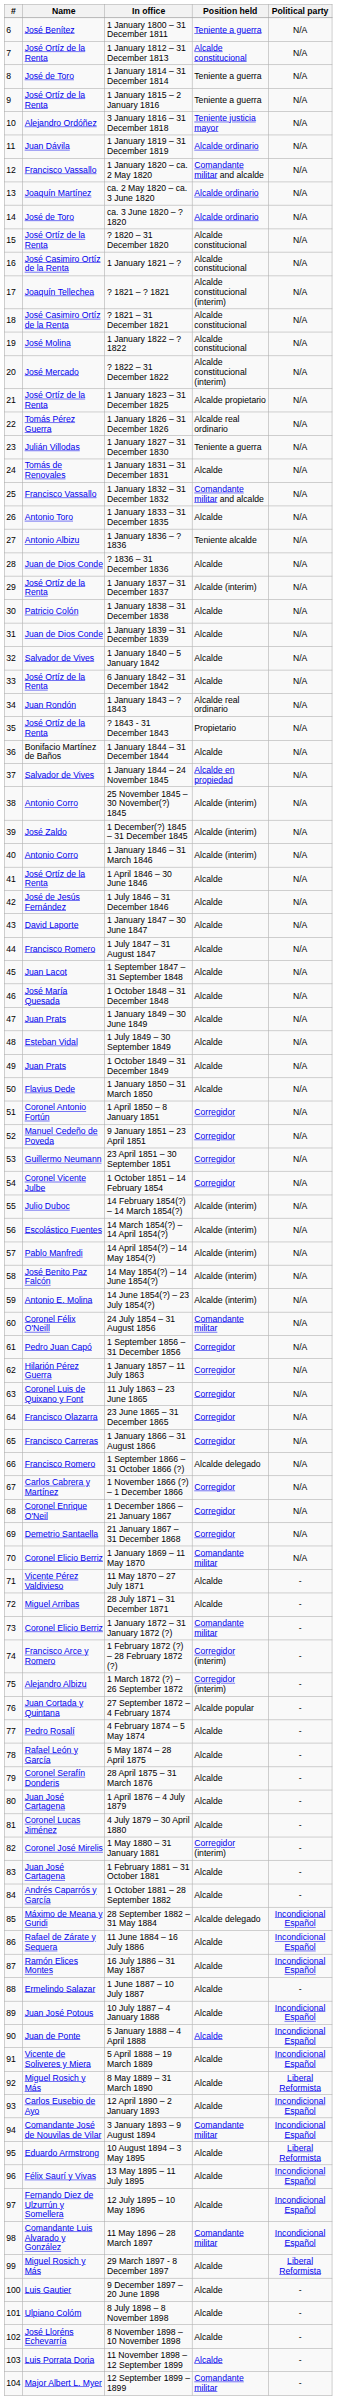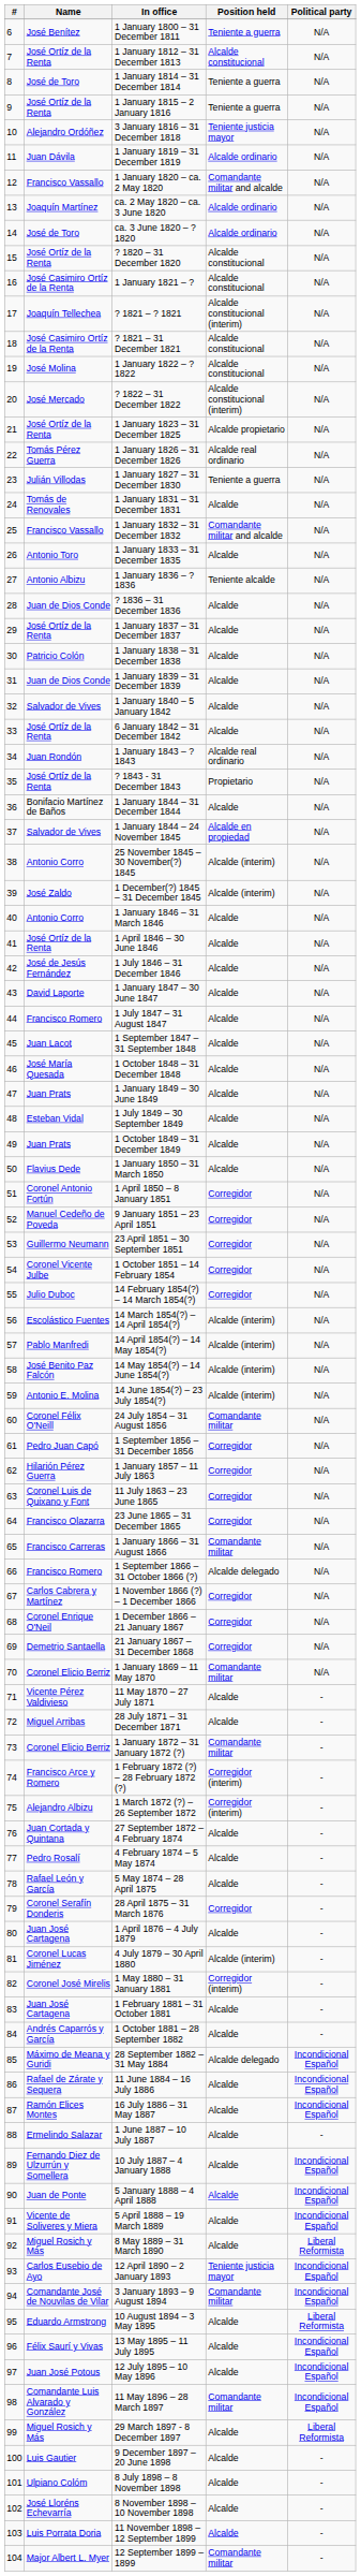 <table class="wikitable">
 <tr>
 <th>#</th>
 <th>Name</th>
 <th>In office</th>
 <th>Position held</th>
 <th>Political party</th>
 </tr>
 <tr>
 </tr>
 <tr>
 <td>6</td>
 <td><a href='#'>José Benítez</a></td>
 <td>1 January 1800 – 31 December 1811</td>
 <td><a href='#'>Teniente a guerra</a></td>
 <td align=center>N/A</td>
 </tr>
 <tr>
 <td>7</td>
 <td><a href='#'>José Ortíz de la Renta</a></td>
 <td>1 January 1812 – 31 December 1813</td>
 <td><a href='#'>Alcalde constitucional</a></td>
 <td align=center>N/A</td>
 </tr>
 <tr>
 <td>8</td>
 <td><a href='#'>José de Toro</a></td>
 <td>1 January 1814 – 31 December 1814</td>
 <td>Teniente a guerra</td>
 <td align=center>N/A</td>
 </tr>
 <tr>
 <td>9</td>
 <td><a href='#'>José Ortíz de la Renta</a></td>
 <td>1 January 1815 – 2 January 1816</td>
 <td>Teniente a guerra</td>
 <td align=center>N/A</td>
 </tr>
 <tr>
 <td>10</td>
 <td><a href='#'>Alejandro Ordóñez</a></td>
 <td>3 January 1816 – 31 December 1818</td>
 <td><a href='#'>Teniente justicia mayor</a></td>
 <td align=center>N/A</td>
 </tr>
 <tr>
 <td>11</td>
 <td><a href='#'>Juan Dávila</a></td>
 <td>1 January 1819 – 31 December 1819</td>
 <td><a href='#'>Alcalde ordinario</a></td>
 <td align=center>N/A</td>
 </tr>
 <tr>
 <td>12</td>
 <td><a href='#'>Francisco Vassallo</a></td>
 <td>1 January 1820 – ca. 2 May 1820</td>
 <td><a href='#'>Comandante militar</a> and alcalde</td>
 <td align=center>N/A</td>
 </tr>
 <tr>
 <td>13</td>
 <td><a href='#'>Joaquín Martínez</a></td>
 <td>ca. 2 May 1820 – ca. 3 June 1820</td>
 <td><a href='#'>Alcalde ordinario</a></td>
 <td align=center>N/A</td>
 </tr>
 <tr>
 <td>14</td>
 <td><a href='#'>José de Toro</a></td>
 <td>ca. 3 June 1820 – ? 1820</td>
 <td><a href='#'>Alcalde ordinario</a></td>
 <td align=center>N/A</td>
 </tr>
 <tr>
 <td>15</td>
 <td><a href='#'>José Ortíz de la Renta</a></td>
 <td>? 1820 – 31 December 1820</td>
 <td>Alcalde constitucional</td>
 <td align=center>N/A</td>
 </tr>
 <tr>
 <td>16</td>
 <td><a href='#'>José Casimiro Ortíz de la Renta</a></td>
 <td>1 January 1821 – ?</td>
 <td>Alcalde constitucional</td>
 <td align=center>N/A</td>
 </tr>
 <tr>
 <td>17</td>
 <td><a href='#'>Joaquín Tellechea</a></td>
 <td>? 1821 – ? 1821</td>
 <td>Alcalde constitucional (interim)</td>
 <td align=center>N/A</td>
 </tr>
 <tr>
 <td>18</td>
 <td><a href='#'>José Casimiro Ortíz de la Renta</a></td>
 <td>? 1821 – 31 December 1821</td>
 <td>Alcalde constitucional</td>
 <td align=center>N/A</td>
 </tr>
 <tr>
 <td>19</td>
 <td><a href='#'>José Molina</a></td>
 <td>1 January 1822 – ? 1822</td>
 <td>Alcalde constitucional</td>
 <td align=center>N/A</td>
 </tr>
 <tr>
 <td>20</td>
 <td><a href='#'>José Mercado</a></td>
 <td>? 1822 – 31 December 1822</td>
 <td>Alcalde constitucional (interim)</td>
 <td align=center>N/A</td>
 </tr>
 <tr>
 <td>21</td>
 <td><a href='#'>José Ortíz de la Renta</a></td>
 <td>1 January 1823 – 31 December 1825</td>
 <td>Alcalde propietario</td>
 <td align=center>N/A</td>
 </tr>
 <tr>
 <td>22</td>
 <td><a href='#'>Tomás Pérez Guerra</a></td>
 <td>1 January 1826 – 31 December 1826</td>
 <td>Alcalde real ordinario</td>
 <td align=center>N/A</td>
 </tr>
 <tr>
 <td>23</td>
 <td><a href='#'>Julián Villodas</a></td>
 <td>1 January 1827 – 31 December 1830</td>
 <td>Teniente a guerra</td>
 <td align=center>N/A</td>
 </tr>
 <tr>
 <td>24</td>
 <td><a href='#'>Tomás de Renovales</a></td>
 <td>1 January 1831 – 31 December 1831</td>
 <td>Alcalde</td>
 <td align=center>N/A</td>
 </tr>
 <tr>
 <td>25</td>
 <td><a href='#'>Francisco Vassallo</a></td>
 <td>1 January 1832 – 31 December 1832</td>
 <td><a href='#'>Comandante militar</a> and alcalde</td>
 <td align=center>N/A</td>
 </tr>
 <tr>
 <td>26</td>
 <td><a href='#'>Antonio Toro</a></td>
 <td>1 January 1833 – 31 December 1835</td>
 <td>Alcalde</td>
 <td align=center>N/A</td>
 </tr>
 <tr>
 <td>27</td>
 <td><a href='#'>Antonio Albizu</a></td>
 <td>1 January 1836 – ? 1836</td>
 <td>Teniente alcalde</td>
 <td align=center>N/A</td>
 </tr>
 <tr>
 <td>28</td>
 <td><a href='#'>Juan de Dios Conde</a></td>
 <td>? 1836 – 31 December 1836</td>
 <td>Alcalde</td>
 <td align=center>N/A</td>
 </tr>
 <tr>
 <td>29</td>
 <td><a href='#'>José Ortíz de la Renta</a></td>
 <td>1 January 1837 – 31 December 1837</td>
-<td>Alcalde (interim)</td>
+<td>Alcalde</td>
 <td align=center>N/A</td>
 </tr>
 <tr>
 <td>30</td>
 <td><a href='#'>Patricio Colón</a></td>
 <td>1 January 1838 – 31 December 1838</td>
 <td>Alcalde</td>
 <td align=center>N/A</td>
 </tr>
 <tr>
 <td>31</td>
 <td><a href='#'>Juan de Dios Conde</a></td>
 <td>1 January 1839 – 31 December 1839</td>
 <td>Alcalde</td>
 <td align=center>N/A</td>
 </tr>
 <tr>
 <td>32</td>
 <td><a href='#'>Salvador de Vives</a></td>
 <td>1 January 1840 – 5 January 1842</td>
 <td>Alcalde</td>
 <td align=center>N/A</td>
 </tr>
 <tr>
 <td>33</td>
 <td><a href='#'>José Ortíz de la Renta</a></td>
 <td>6 January 1842 – 31 December 1842</td>
 <td>Alcalde</td>
 <td align=center>N/A</td>
 </tr>
 <tr>
 <td>34</td>
 <td><a href='#'>Juan Rondón</a></td>
 <td>1 January 1843 – ? 1843</td>
 <td>Alcalde real ordinario</td>
 <td align=center>N/A</td>
 </tr>
 <tr>
 <td>35</td>
 <td><a href='#'>José Ortíz de la Renta</a></td>
 <td>? 1843 - 31 December 1843</td>
 <td>Propietario</td>
 <td align=center>N/A</td>
 </tr>
 <tr>
 <td>36</td>
 <td>Bonifacio Martínez de Baños</td>
 <td>1 January 1844 – 31 December 1844</td>
 <td>Alcalde</td>
 <td align=center>N/A</td>
 </tr>
 <tr>
 <td>37</td>
 <td><a href='#'>Salvador de Vives</a></td>
 <td>1 January 1844 – 24 November 1845</td>
 <td><a href='#'>Alcalde en propiedad</a></td>
 <td align=center>N/A</td>
 </tr>
 <tr>
 <td>38</td>
 <td><a href='#'>Antonio Corro</a></td>
 <td>25 November 1845 – 30 November(?) 1845</td>
 <td>Alcalde (interim)</td>
 <td align=center>N/A</td>
 </tr>
 <tr>
 <td>39</td>
 <td><a href='#'>José Zaldo</a></td>
 <td>1 December(?) 1845 – 31 December 1845</td>
 <td>Alcalde (interim)</td>
 <td align=center>N/A</td>
 </tr>
 <tr>
 <td>40</td>
 <td><a href='#'>Antonio Corro</a></td>
 <td>1 January 1846 – 31 March 1846</td>
-<td>Alcalde (interim)</td>
+<td>Alcalde</td>
 <td align=center>N/A</td>
 </tr>
 <tr>
 <td>41</td>
 <td><a href='#'>José Ortíz de la Renta</a></td>
 <td>1 April 1846 – 30 June 1846</td>
 <td>Alcalde</td>
 <td align=center>N/A</td>
 </tr>
 <tr>
 <td>42</td>
 <td><a href='#'>José de Jesús Fernández</a></td>
 <td>1 July 1846 – 31 December 1846</td>
 <td>Alcalde</td>
 <td align=center>N/A</td>
 </tr>
 <tr>
 <td>43</td>
 <td><a href='#'>David Laporte</a></td>
 <td>1 January 1847 – 30 June 1847</td>
 <td>Alcalde</td>
 <td align=center>N/A</td>
 </tr>
 <tr>
 <td>44</td>
 <td><a href='#'>Francisco Romero</a></td>
 <td>1 July 1847 – 31 August 1847</td>
 <td>Alcalde</td>
 <td align=center>N/A</td>
 </tr>
 <tr>
 <td>45</td>
 <td><a href='#'>Juan Lacot</a></td>
 <td>1 September 1847 – 31 September 1848</td>
 <td>Alcalde</td>
 <td align=center>N/A</td>
 </tr>
 <tr>
 <td>46</td>
 <td><a href='#'>José María Quesada</a></td>
 <td>1 October 1848 – 31 December 1848</td>
 <td>Alcalde</td>
 <td align=center>N/A</td>
 </tr>
 <tr>
 <td>47</td>
 <td><a href='#'>Juan Prats</a></td>
 <td>1 January 1849 – 30 June 1849</td>
 <td>Alcalde</td>
 <td align=center>N/A</td>
 </tr>
 <tr>
 <td>48</td>
 <td><a href='#'>Esteban Vidal</a></td>
 <td>1 July 1849 – 30 September 1849</td>
 <td>Alcalde</td>
 <td align=center>N/A</td>
 </tr>
 <tr>
 <td>49</td>
 <td><a href='#'>Juan Prats</a></td>
 <td>1 October 1849 – 31 December 1849</td>
 <td>Alcalde</td>
 <td align=center>N/A</td>
 </tr>
 <tr>
 <td>50</td>
 <td><a href='#'>Flavius Dede</a></td>
 <td>1 January 1850 – 31 March 1850</td>
 <td>Alcalde</td>
 <td align=center>N/A</td>
 </tr>
 <tr>
 <td>51</td>
 <td><a href='#'>Coronel Antonio Fortún</a></td>
 <td>1 April 1850 – 8 January 1851</td>
 <td><a href='#'>Corregidor</a></td>
 <td align=center>N/A</td>
 </tr>
 <tr>
 <td>52</td>
 <td><a href='#'>Manuel Cedeño de Poveda</a></td>
 <td>9 January 1851 – 23 April 1851</td>
 <td><a href='#'>Corregidor</a></td>
 <td align=center>N/A</td>
 </tr>
 <tr>
 <td>53</td>
 <td><a href='#'>Guillermo Neumann</a></td>
 <td>23 April 1851 – 30 September 1851</td>
 <td><a href='#'>Corregidor</a></td>
 <td align=center>N/A</td>
 </tr>
 <tr>
 <td>54</td>
 <td><a href='#'>Coronel Vicente Julbe</a></td>
 <td>1 October 1851 – 14 February 1854</td>
 <td><a href='#'>Corregidor</a></td>
 <td align=center>N/A</td>
 </tr>
 <tr>
 <td>55</td>
 <td><a href='#'>Julio Duboc</a></td>
 <td>14 February 1854(?) – 14 March 1854(?)</td>
-<td>Alcalde (interim)</td>
+<td><a href='#'>Corregidor</a></td>
 <td align=center>N/A</td>
 </tr>
 <tr>
 <td>56</td>
 <td><a href='#'>Escolástico Fuentes</a></td>
 <td>14 March 1854(?) – 14 April 1854(?)</td>
 <td>Alcalde (interim)</td>
 <td align=center>N/A</td>
 </tr>
 <tr>
 <td>57</td>
 <td><a href='#'>Pablo Manfredi</a></td>
 <td>14 April 1854(?) – 14 May 1854(?)</td>
 <td>Alcalde (interim)</td>
 <td align=center>N/A</td>
 </tr>
 <tr>
 <td>58</td>
 <td><a href='#'>José Benito Paz Falcón</a></td>
 <td>14 May 1854(?) – 14 June 1854(?)</td>
 <td>Alcalde (interim)</td>
 <td align=center>N/A</td>
 </tr>
 <tr>
 <td>59</td>
 <td><a href='#'>Antonio E. Molina</a></td>
 <td>14 June 1854(?) – 23 July 1854(?)</td>
 <td>Alcalde (interim)</td>
 <td align=center>N/A</td>
 </tr>
 <tr>
 <td>60</td>
 <td><a href='#'>Coronel Félix O'Neill</a></td>
 <td>24 July 1854 – 31 August 1856</td>
 <td><a href='#'>Comandante militar</a></td>
 <td align=center>N/A</td>
 </tr>
 <tr>
 <td>61</td>
 <td><a href='#'>Pedro Juan Capó</a></td>
 <td>1 September 1856 – 31 December 1856</td>
 <td><a href='#'>Corregidor</a></td>
 <td align=center>N/A</td>
 </tr>
 <tr>
 <td>62</td>
 <td><a href='#'>Hilarión Pérez Guerra</a></td>
 <td>1 January 1857 – 11 July 1863</td>
 <td><a href='#'>Corregidor</a></td>
 <td align=center>N/A</td>
 </tr>
 <tr>
 <td>63</td>
 <td><a href='#'>Coronel Luis de Quixano y Font</a></td>
 <td>11 July 1863 – 23 June 1865</td>
 <td><a href='#'>Corregidor</a></td>
 <td align=center>N/A</td>
 </tr>
 <tr>
 <td>64</td>
 <td><a href='#'>Francisco Olazarra</a></td>
 <td>23 June 1865 – 31 December 1865</td>
 <td><a href='#'>Corregidor</a></td>
 <td align=center>N/A</td>
 </tr>
 <tr>
 <td>65</td>
 <td><a href='#'>Francisco Carreras</a></td>
 <td>1 January 1866 – 31 August 1866</td>
-<td><a href='#'>Corregidor</a></td>
+<td><a href='#'>Comandante militar</a></td>
 <td align=center>N/A</td>
 </tr>
 <tr>
 <td>66</td>
 <td><a href='#'>Francisco Romero</a></td>
 <td>1 September 1866 – 31 October 1866 (?)</td>
 <td>Alcalde delegado</td>
 <td align=center>N/A</td>
 </tr>
 <tr>
 <td>67</td>
 <td><a href='#'>Carlos Cabrera y Martínez</a></td>
 <td>1 November 1866 (?) – 1 December 1866</td>
 <td><a href='#'>Corregidor</a></td>
 <td align=center>N/A</td>
 </tr>
 <tr>
 <td>68</td>
 <td><a href='#'>Coronel Enrique O'Neil</a></td>
 <td>1 December 1866 – 21 January 1867</td>
 <td><a href='#'>Corregidor</a></td>
 <td align=center>N/A</td>
 </tr>
 <tr>
 <td>69</td>
 <td><a href='#'>Demetrio Santaella</a></td>
 <td>21 January 1867 – 31 December 1868</td>
 <td><a href='#'>Corregidor</a></td>
 <td align=center>N/A</td>
 </tr>
 <tr>
 <td>70</td>
 <td><a href='#'>Coronel Elicio Berriz</a></td>
 <td>1 January 1869 – 11 May 1870</td>
 <td><a href='#'>Comandante militar</a></td>
 <td align=center>N/A</td>
 </tr>
 <tr>
 <td>71</td>
 <td><a href='#'>Vicente Pérez Valdivieso</a></td>
 <td>11 May 1870 – 27 July 1871</td>
 <td>Alcalde</td>
 <td align=center>-</td>
 </tr>
 <tr>
 <td>72</td>
 <td><a href='#'>Miguel Arribas</a></td>
 <td>28 July 1871 – 31 December 1871</td>
 <td>Alcalde</td>
 <td align=center>-</td>
 </tr>
 <tr>
 <td>73</td>
 <td><a href='#'>Coronel Elicio Berriz</a></td>
 <td>1 January 1872 – 31 January 1872 (?)</td>
 <td><a href='#'>Comandante militar</a></td>
 <td align=center>-</td>
 </tr>
 <tr>
 <td>74</td>
 <td><a href='#'>Francisco Arce y Romero</a></td>
 <td>1 February 1872 (?) – 28 February 1872 (?)</td>
 <td><a href='#'>Corregidor</a> (interim)</td>
 <td align=center>-</td>
 </tr>
 <tr>
 <td>75</td>
 <td><a href='#'>Alejandro Albizu</a></td>
 <td>1 March 1872 (?) – 26 September 1872</td>
 <td><a href='#'>Corregidor</a> (interim)</td>
 <td align=center>-</td>
 </tr>
 <tr>
 <td>76</td>
 <td><a href='#'>Juan Cortada y Quintana</a></td>
 <td>27 September 1872 – 4 February 1874</td>
-<td>Alcalde popular</td>
+<td>Alcalde</td>
 <td align=center>-</td>
 </tr>
 <tr>
 <td>77</td>
 <td><a href='#'>Pedro Rosalí</a></td>
 <td>4 February 1874 – 5 May 1874</td>
 <td>Alcalde</td>
 <td align=center>-</td>
 </tr>
 <tr>
 <td>78</td>
 <td><a href='#'>Rafael León y García</a></td>
 <td>5 May 1874 – 28 April 1875</td>
 <td>Alcalde</td>
 <td align=center>-</td>
 </tr>
 <tr>
 <td>79</td>
 <td><a href='#'>Coronel Serafín Donderis</a></td>
 <td>28 April 1875 – 31 March 1876</td>
-<td>Alcalde</td>
+<td><a href='#'>Corregidor</a></td>
 <td align=center>-</td>
 </tr>
 <tr>
 <td>80</td>
 <td><a href='#'>Juan José Cartagena</a></td>
 <td>1 April 1876 – 4 July 1879</td>
 <td>Alcalde</td>
 <td align=center>-</td>
 </tr>
 <tr>
 <td>81</td>
 <td><a href='#'>Coronel Lucas Jiménez</a></td>
 <td>4 July 1879 – 30 April 1880</td>
-<td>Alcalde</td>
+<td>Alcalde (interim)</td>
 <td align=center>-</td>
 </tr>
 <tr>
 <td>82</td>
 <td><a href='#'>Coronel José Mirelis</a></td>
 <td>1 May 1880 – 31 January 1881</td>
 <td><a href='#'>Corregidor</a> (interim)</td>
 <td align=center>-</td>
 </tr>
 <tr>
 <td>83</td>
 <td><a href='#'>Juan José Cartagena</a></td>
 <td>1 February 1881 – 31 October 1881</td>
 <td>Alcalde</td>
 <td align=center>-</td>
 </tr>
 <tr>
 <td>84</td>
 <td><a href='#'>Andrés Caparrós y García</a></td>
 <td>1 October 1881 – 28 September 1882</td>
 <td>Alcalde</td>
 <td align=center>-</td>
 </tr>
 <tr>
 <td>85</td>
 <td><a href='#'>Máximo de Meana y Guridi</a></td>
 <td>28 September 1882 – 31 May 1884</td>
 <td>Alcalde delegado</td>
 <td align=center><a href='#'>Incondicional Español</a></td>
 </tr>
 <tr>
 <td>86</td>
 <td><a href='#'>Rafael de Zárate y Sequera</a></td>
 <td>11 June 1884 – 16 July 1886</td>
 <td>Alcalde</td>
 <td align=center><a href='#'>Incondicional Español</a></td>
 </tr>
 <tr>
 <td>87</td>
 <td><a href='#'>Ramón Elices Montes</a></td>
 <td>16 July 1886 – 31 May 1887</td>
 <td>Alcalde</td>
 <td align=center><a href='#'>Incondicional Español</a></td>
 </tr>
 <tr>
 <td>88</td>
 <td><a href='#'>Ermelindo Salazar</a></td>
 <td>1 June 1887 – 10 July 1887</td>
 <td>Alcalde</td>
 <td align=center>-</td>
 </tr>
 <tr>
 <td>89</td>
-<td><a href='#'>Juan José Potous</a></td>
+<td><a href='#'>Fernando Diez de Ulzurrún y Somellera</a></td>
 <td>10 July 1887 – 4 January 1888</td>
 <td>Alcalde</td>
 <td align=center><a href='#'>Incondicional Español</a></td>
 </tr>
 <tr>
 <td>90</td>
 <td><a href='#'>Juan de Ponte</a></td>
 <td>5 January 1888 – 4 April 1888</td>
 <td><a href='#'>Alcalde</a></td>
 <td align=center><a href='#'>Incondicional Español</a></td>
 </tr>
 <tr>
 <td>91</td>
 <td><a href='#'>Vicente de Soliveres y Miera</a></td>
 <td>5 April 1888 – 19 March 1889</td>
 <td>Alcalde</td>
 <td align=center><a href='#'>Incondicional Español</a></td>
 </tr>
 <tr>
 <td>92</td>
 <td><a href='#'>Miguel Rosich y Más</a></td>
 <td>8 May 1889 – 31 March 1890</td>
 <td>Alcalde</td>
 <td align=center><a href='#'>Liberal Reformista</a></td>
 </tr>
 <tr>
 <td>93</td>
 <td><a href='#'>Carlos Eusebio de Ayo</a></td>
 <td>12 April 1890 – 2 January 1893</td>
-<td>Alcalde</td>
+<td><a href='#'>Teniente justicia mayor</a></td>
 <td align=center><a href='#'>Incondicional Español</a></td>
 </tr>
 <tr>
 <td>94</td>
 <td><a href='#'>Comandante José de Nouvilas de Vilar</a></td>
 <td>3 January 1893 – 9 August 1894</td>
 <td><a href='#'>Comandante militar</a></td>
 <td align=center><a href='#'>Incondicional Español</a></td>
 </tr>
 <tr>
 <td>95</td>
 <td><a href='#'>Eduardo Armstrong</a></td>
 <td>10 August 1894 – 3 May 1895</td>
 <td>Alcalde</td>
 <td align=center><a href='#'>Liberal Reformista</a></td>
 </tr>
 <tr>
 <td>96</td>
 <td><a href='#'>Félix Saurí y Vivas</a></td>
 <td>13 May 1895 – 11 July 1895</td>
 <td>Alcalde</td>
 <td align=center><a href='#'>Incondicional Español</a></td>
 </tr>
 <tr>
 <td>97</td>
-<td><a href='#'>Fernando Diez de Ulzurrún y Somellera</a></td>
+<td><a href='#'>Juan José Potous</a></td>
 <td>12 July 1895 – 10 May 1896</td>
 <td>Alcalde</td>
 <td align=center><a href='#'>Incondicional Español</a></td>
 </tr>
 <tr>
 <td>98</td>
 <td><a href='#'>Comandante Luis Alvarado y González</a></td>
 <td>11 May 1896 – 28 March 1897</td>
 <td><a href='#'>Comandante militar</a></td>
 <td align=center><a href='#'>Incondicional Español</a></td>
 </tr>
 <tr>
 <td>99</td>
 <td><a href='#'>Miguel Rosich y Más</a></td>
 <td>29 March 1897 - 8 December 1897</td>
 <td>Alcalde</td>
 <td align=center><a href='#'>Liberal Reformista</a></td>
 </tr>
 <tr>
 <td>100</td>
 <td><a href='#'>Luis Gautier</a></td>
 <td>9 December 1897 – 20 June 1898</td>
 <td>Alcalde</td>
 <td align=center>-</td>
 </tr>
 <tr>
 <td>101</td>
 <td><a href='#'>Ulpiano Colóm</a></td>
 <td>8 July 1898 – 8 November 1898</td>
 <td>Alcalde</td>
 <td align=center>-</td>
 </tr>
 <tr>
 <td>102</td>
 <td><a href='#'>José Lloréns Echevarría</a></td>
 <td>8 November 1898 – 10 November 1898</td>
 <td>Alcalde</td>
 <td align=center>-</td>
 </tr>
 <tr>
 <td>103</td>
 <td><a href='#'>Luis Porrata Doria</a></td>
 <td>11 November 1898 – 12 September 1899</td>
 <td><a href='#'>Alcalde</a></td>
 <td align=center>-</td>
 </tr>
 <tr>
 <td>104</td>
 <td><a href='#'>Major Albert L. Myer</a></td>
 <td>12 September 1899 – 1899</td>
 <td><a href='#'>Comandante militar</a></td>
 <td align=center>-</td>
 </tr>
 </table>
